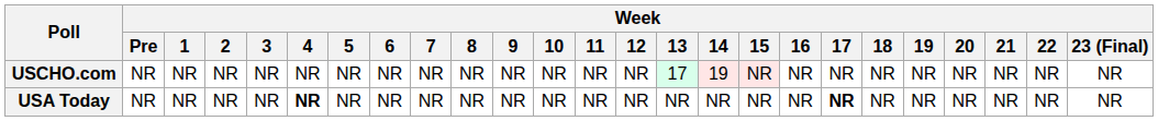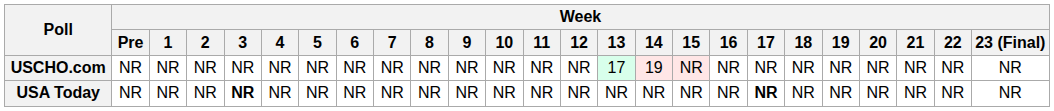 <table class="wikitable" style="white-space:nowrap;">
 <tr>
 <th scope="col" width="100" rowspan="2">Poll</th>
 <th colspan="25">Week</th>
 </tr>
 <tr>
 <th scope="col" width="30">Pre</th>
 <th scope="col" width="30">1</th>
 <th scope="col" width="30">2</th>
 <th scope="col" width="30">3</th>
 <th scope="col" width="30">4</th>
 <th scope="col" width="30">5</th>
 <th scope="col" width="30">6</th>
 <th scope="col" width="30">7</th>
 <th scope="col" width="30">8</th>
 <th scope="col" width="30">9</th>
 <th scope="col" width="30">10</th>
 <th scope="col" width="30">11</th>
 <th scope="col" width="30">12</th>
 <th scope="col" width="30">13</th>
 <th scope="col" width="30">14</th>
 <th scope="col" width="30">15</th>
 <th scope="col" width="30">16</th>
 <th scope="col" width="30">17</th>
 <th scope="col" width="30">18</th>
 <th scope="col" width="30">19</th>
 <th scope="col" width="30">20</th>
 <th scope="col" width="30">21</th>
 <th scope="col" width="30">22</th>
 <th scope="col" width="30">23 (Final)</th>
 </tr>
 <tr style="text-align:center;">
 <th>USCHO.com</th>
 <td bgcolor=FFFFFF>NR</td>
 <td bgcolor=FFFFFF>NR</td>
 <td bgcolor=FFFFFF>NR</td>
 <td bgcolor=FFFFFF>NR</td>
 <td bgcolor=FFFFFF>NR</td>
 <td bgcolor=FFFFFF>NR</td>
 <td bgcolor=FFFFFF>NR</td>
 <td bgcolor=FFFFFF>NR</td>
 <td bgcolor=FFFFFF>NR</td>
 <td bgcolor=FFFFFF>NR</td>
 <td bgcolor=FFFFFF>NR</td>
 <td bgcolor=FFFFFF>NR</td>
 <td bgcolor=FFFFFF>NR</td>
 <td bgcolor=D8FFEB>17</td>
 <td bgcolor=FFE6E6>19</td>
 <td bgcolor=FFE6E6>NR</td>
 <td bgcolor=FFFFFF>NR</td>
 <td bgcolor=FFFFFF>NR</td>
 <td bgcolor=FFFFFF>NR</td>
 <td bgcolor=FFFFFF>NR</td>
 <td bgcolor=FFFFFF>NR</td>
 <td bgcolor=FFFFFF>NR</td>
 <td bgcolor=FFFFFF>NR</td>
 <td bgcolor=FFFFFF>NR</td>
 </tr>
 <tr style="text-align:center;">
 <th>USA Today</th>
 <td bgcolor=FFFFFF>NR</td>
 <td bgcolor=FFFFFF>NR</td>
 <td bgcolor=FFFFFF>NR</td>
+<td bgcolor=FFFFFF><strong>NR</strong></td>
 <td bgcolor=FFFFFF>NR</td>
-<td bgcolor=FFFFFF><strong>NR</strong></td>
 <td bgcolor=FFFFFF>NR</td>
 <td bgcolor=FFFFFF>NR</td>
 <td bgcolor=FFFFFF>NR</td>
 <td bgcolor=FFFFFF>NR</td>
 <td bgcolor=FFFFFF>NR</td>
 <td bgcolor=FFFFFF>NR</td>
 <td bgcolor=FFFFFF>NR</td>
 <td bgcolor=FFFFFF>NR</td>
 <td bgcolor=FFFFFF>NR</td>
 <td bgcolor=FFFFFF>NR</td>
 <td bgcolor=FFFFFF>NR</td>
 <td bgcolor=FFFFFF>NR</td>
 <td bgcolor=FFFFFF><strong>NR</strong></td>
 <td bgcolor=FFFFFF>NR</td>
 <td bgcolor=FFFFFF>NR</td>
 <td bgcolor=FFFFFF>NR</td>
 <td bgcolor=FFFFFF>NR</td>
 <td bgcolor=FFFFFF>NR</td>
 <td bgcolor=FFFFFF>NR</td>
 </tr>
 </table>
